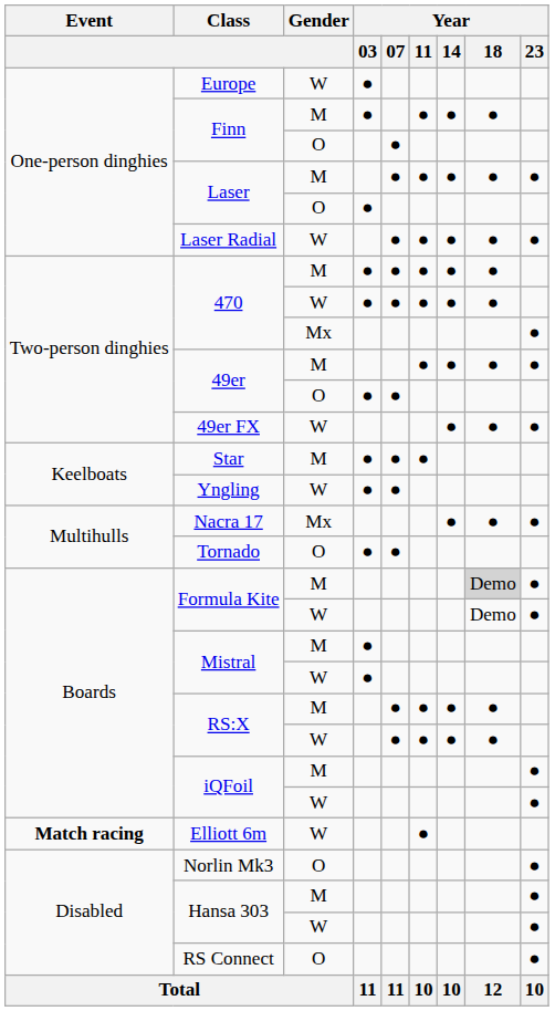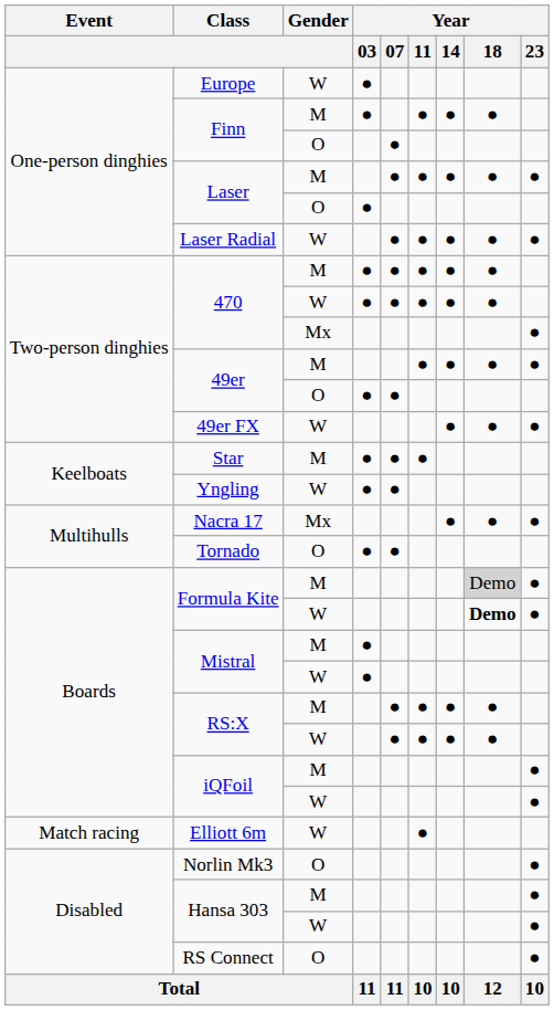 <table class=wikitable style="font-size:85%; text-align:center">
 <tr>
 <th>Event</th>
 <th>Class</th>
 <th>Gender</th>
 <th colspan=50>Year</th>
 </tr>
 <tr>
 <th colspan=3></th>
 <th>03</th>
 <th>07</th>
 <th>11</th>
 <th>14</th>
 <th>18</th>
 <th>23</th>
 </tr>
 <tr>
 <td rowspan=6>One-person dinghies</td>
 <td><a href='#'>Europe</a></td>
 <td>W</td>
 <td>●</td>
 <td></td>
 <td></td>
 <td></td>
 <td></td>
 <td></td>
 </tr>
 <tr>
 <td rowspan=2><a href='#'>Finn</a></td>
 <td>M</td>
 <td>●</td>
 <td></td>
 <td>●</td>
 <td>●</td>
 <td>●</td>
 <td></td>
 </tr>
 <tr>
 <td>O</td>
 <td></td>
 <td>●</td>
 <td></td>
 <td></td>
 <td></td>
 <td></td>
 </tr>
 <tr>
 <td rowspan=2><a href='#'>Laser</a></td>
 <td>M</td>
 <td></td>
 <td>●</td>
 <td>●</td>
 <td>●</td>
 <td>●</td>
 <td>●</td>
 </tr>
 <tr>
 <td>O</td>
 <td>●</td>
 <td></td>
 <td></td>
 <td></td>
 <td></td>
 <td></td>
 </tr>
 <tr>
 <td><a href='#'>Laser Radial</a></td>
 <td>W</td>
 <td></td>
 <td>●</td>
 <td>●</td>
 <td>●</td>
 <td>●</td>
 <td>●</td>
 </tr>
 <tr>
 <td rowspan=6>Two-person dinghies</td>
 <td rowspan=3><a href='#'>470</a></td>
 <td>M</td>
 <td>●</td>
 <td>●</td>
 <td>●</td>
 <td>●</td>
 <td>●</td>
 <td></td>
 </tr>
 <tr>
 <td>W</td>
 <td>●</td>
 <td>●</td>
 <td>●</td>
 <td>●</td>
 <td>●</td>
 <td></td>
 </tr>
 <tr>
 <td>Mx</td>
 <td></td>
 <td></td>
 <td></td>
 <td></td>
 <td></td>
 <td>●</td>
 </tr>
 <tr>
 <td rowspan=2><a href='#'>49er</a></td>
 <td>M</td>
 <td></td>
 <td></td>
 <td>●</td>
 <td>●</td>
 <td>●</td>
 <td>●</td>
 </tr>
 <tr>
 <td>O</td>
 <td>●</td>
 <td>●</td>
 <td></td>
 <td></td>
 <td></td>
 <td></td>
 </tr>
 <tr>
 <td><a href='#'>49er FX</a></td>
 <td>W</td>
 <td></td>
 <td></td>
 <td></td>
 <td>●</td>
 <td>●</td>
 <td>●</td>
 </tr>
 <tr>
 <td rowspan=2>Keelboats</td>
 <td><a href='#'>Star</a></td>
 <td>M</td>
 <td>●</td>
 <td>●</td>
 <td>●</td>
 <td></td>
 <td></td>
 <td></td>
 </tr>
 <tr>
 <td><a href='#'>Yngling</a></td>
 <td>W</td>
 <td>●</td>
 <td>●</td>
 <td></td>
 <td></td>
 <td></td>
 <td></td>
 </tr>
 <tr>
 <td rowspan=2>Multihulls</td>
 <td><a href='#'>Nacra 17</a></td>
 <td>Mx</td>
 <td></td>
 <td></td>
 <td></td>
 <td>●</td>
 <td>●</td>
 <td>●</td>
 </tr>
 <tr>
 <td><a href='#'>Tornado</a></td>
 <td>O</td>
 <td>●</td>
 <td>●</td>
 <td></td>
 <td></td>
 <td></td>
 <td></td>
 </tr>
 <tr>
 <td rowspan=8>Boards</td>
 <td rowspan=2><a href='#'>Formula Kite</a></td>
 <td>M</td>
 <td></td>
 <td></td>
 <td></td>
 <td></td>
 <td style="background: lightgrey;">Demo</td>
 <td>●</td>
 </tr>
 <tr>
 <td>W</td>
 <td></td>
 <td></td>
 <td></td>
 <td></td>
-<td>Demo</td>
+<td><strong>Demo</strong></td>
 <td>●</td>
 </tr>
 <tr>
 <td rowspan=2><a href='#'>Mistral</a></td>
 <td>M</td>
 <td>●</td>
 <td></td>
 <td></td>
 <td></td>
 <td></td>
 <td></td>
 </tr>
 <tr>
 <td>W</td>
 <td>●</td>
 <td></td>
 <td></td>
 <td></td>
 <td></td>
 <td></td>
 </tr>
 <tr>
 <td rowspan=2><a href='#'>RS:X</a></td>
 <td>M</td>
 <td></td>
 <td>●</td>
 <td>●</td>
 <td>●</td>
 <td>●</td>
 <td></td>
 </tr>
 <tr>
 <td>W</td>
 <td></td>
 <td>●</td>
 <td>●</td>
 <td>●</td>
 <td>●</td>
 <td></td>
 </tr>
 <tr>
 <td rowspan=2><a href='#'>iQFoil</a></td>
 <td>M</td>
 <td></td>
 <td></td>
 <td></td>
 <td></td>
 <td></td>
 <td>●</td>
 </tr>
 <tr>
 <td>W</td>
 <td></td>
 <td></td>
 <td></td>
 <td></td>
 <td></td>
 <td>●</td>
 </tr>
 <tr>
-<td rowspan=1><strong>Match racing</strong></td>
+<td rowspan=1>Match racing</td>
 <td rowspan=1><a href='#'>Elliott 6m</a></td>
 <td>W</td>
 <td></td>
 <td></td>
 <td>●</td>
 <td></td>
 <td></td>
 </tr>
 <tr>
 <td rowspan=4>Disabled</td>
 <td>Norlin Mk3</td>
 <td>O</td>
 <td></td>
 <td></td>
 <td></td>
 <td></td>
 <td></td>
 <td>●</td>
 </tr>
 <tr>
 <td rowspan=2>Hansa 303</td>
 <td>M</td>
 <td></td>
 <td></td>
 <td></td>
 <td></td>
 <td></td>
 <td>●</td>
 </tr>
 <tr>
 <td>W</td>
 <td></td>
 <td></td>
 <td></td>
 <td></td>
 <td></td>
 <td>●</td>
 </tr>
 <tr>
 <td>RS Connect</td>
 <td>O</td>
 <td></td>
 <td></td>
 <td></td>
 <td></td>
 <td></td>
 <td>●</td>
 </tr>
 <tr>
 <th colspan=3>Total</th>
 <th>11</th>
 <th>11</th>
 <th>10</th>
 <th>10</th>
 <th>12</th>
 <th>10</th>
 </tr>
 </table>
